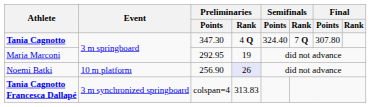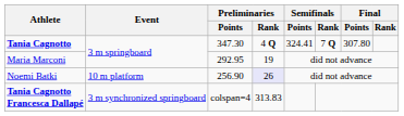 <table class=wikitable style="font-size:90%">
 <tr>
 <th rowspan="2">Athlete</th>
 <th rowspan="2">Event</th>
 <th colspan="2">Preliminaries</th>
 <th colspan="2">Semifinals</th>
 <th colspan="2">Final</th>
 </tr>
 <tr style="font-size:95%">
 <th>Points</th>
 <th>Rank</th>
 <th>Points</th>
 <th>Rank</th>
 <th>Points</th>
 <th>Rank</th>
 </tr>
 <tr align=center>
 <td align=left><strong><a href='#'>Tania Cagnotto</a><br></strong></td>
 <td align=left rowspan=2><a href='#'>3 m springboard</a></td>
 <td>347.30</td>
 <td>4 <strong>Q</strong></td>
-<td>324.40</td>
+<td>324.41</td>
 <td>7 <strong>Q</strong></td>
 <td>307.80</td>
 <td></td>
 </tr>
 <tr align=center>
 <td align=left><a href='#'>Maria Marconi</a></td>
 <td>292.95</td>
 <td>19</td>
 <td colspan="4">did not advance</td>
 </tr>
 <tr align=center>
 <td align=left><a href='#'>Noemi Batki</a></td>
 <td align=left><a href='#'>10 m platform</a></td>
 <td>256.90</td>
 <td style="background: lavender;">26</td>
 <td colspan="4">did not advance</td>
 </tr>
 <tr align=center>
 <td align=left><strong><a href='#'>Tania Cagnotto</a><br><a href='#'>Francesca Dallapé</a></strong></td>
 <td align=left><a href='#'>3 m synchronized springboard</a></td>
 <td>colspan=4 </td>
 <td>313.83</td>
 <td></td>
 </tr>
 </table>
